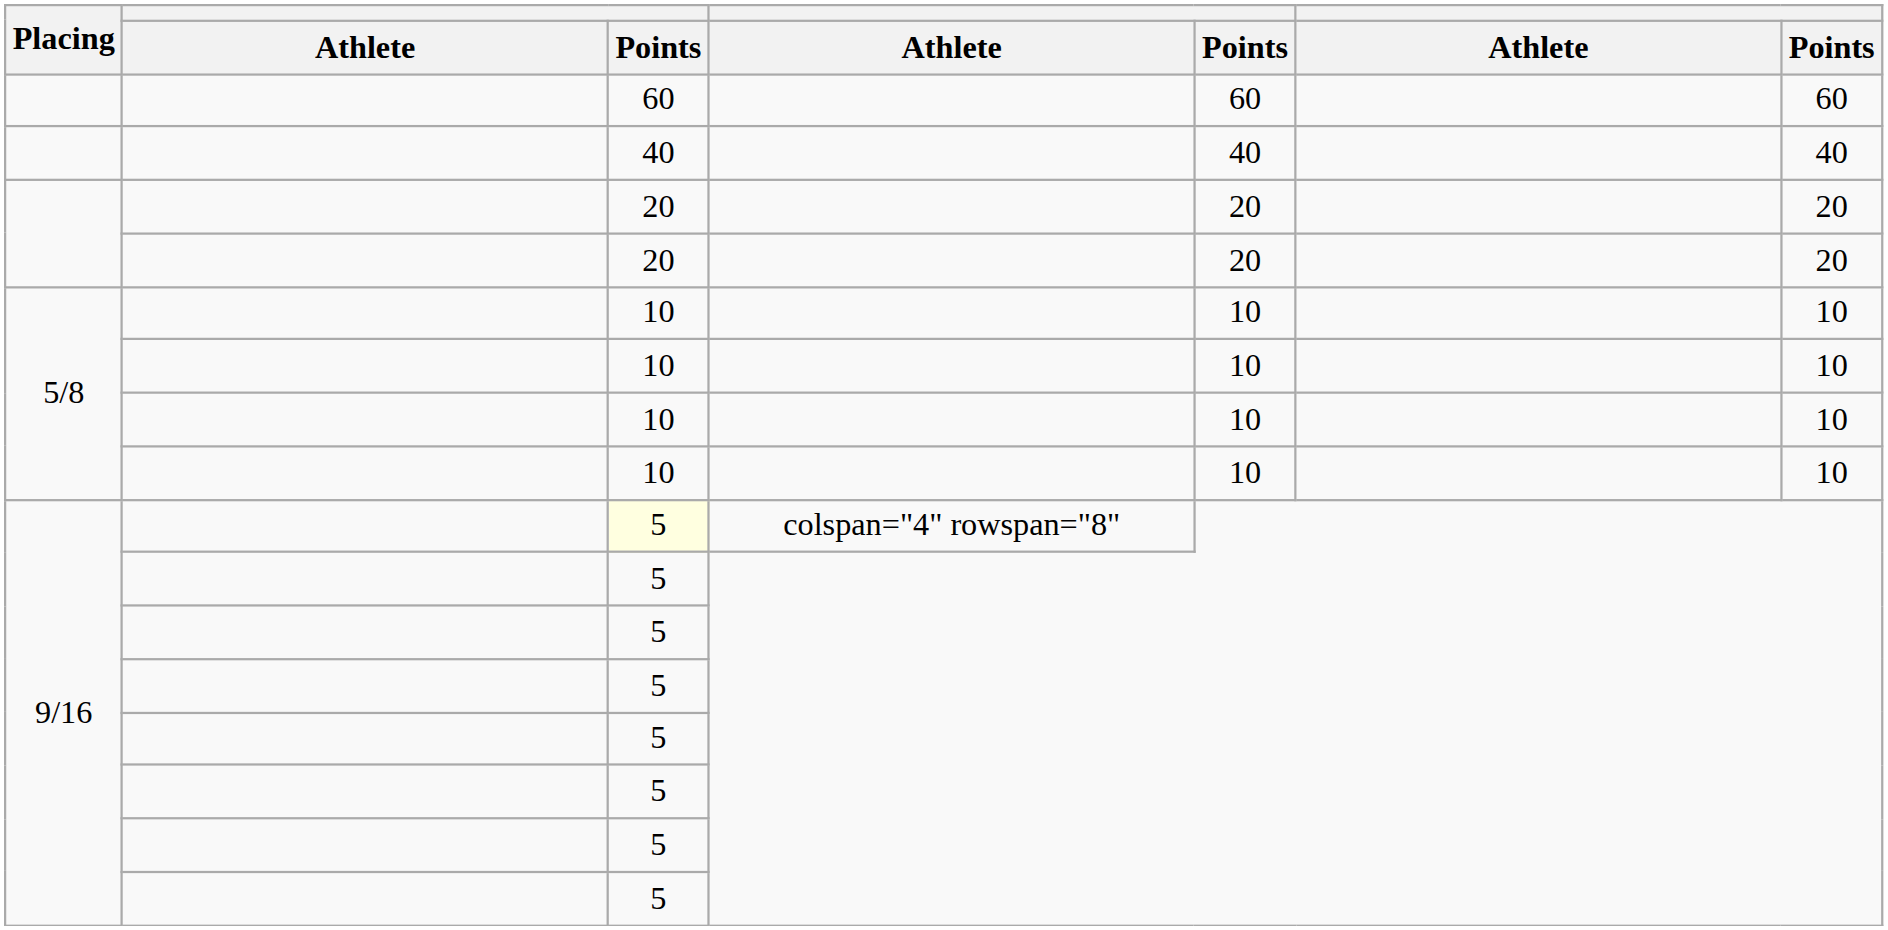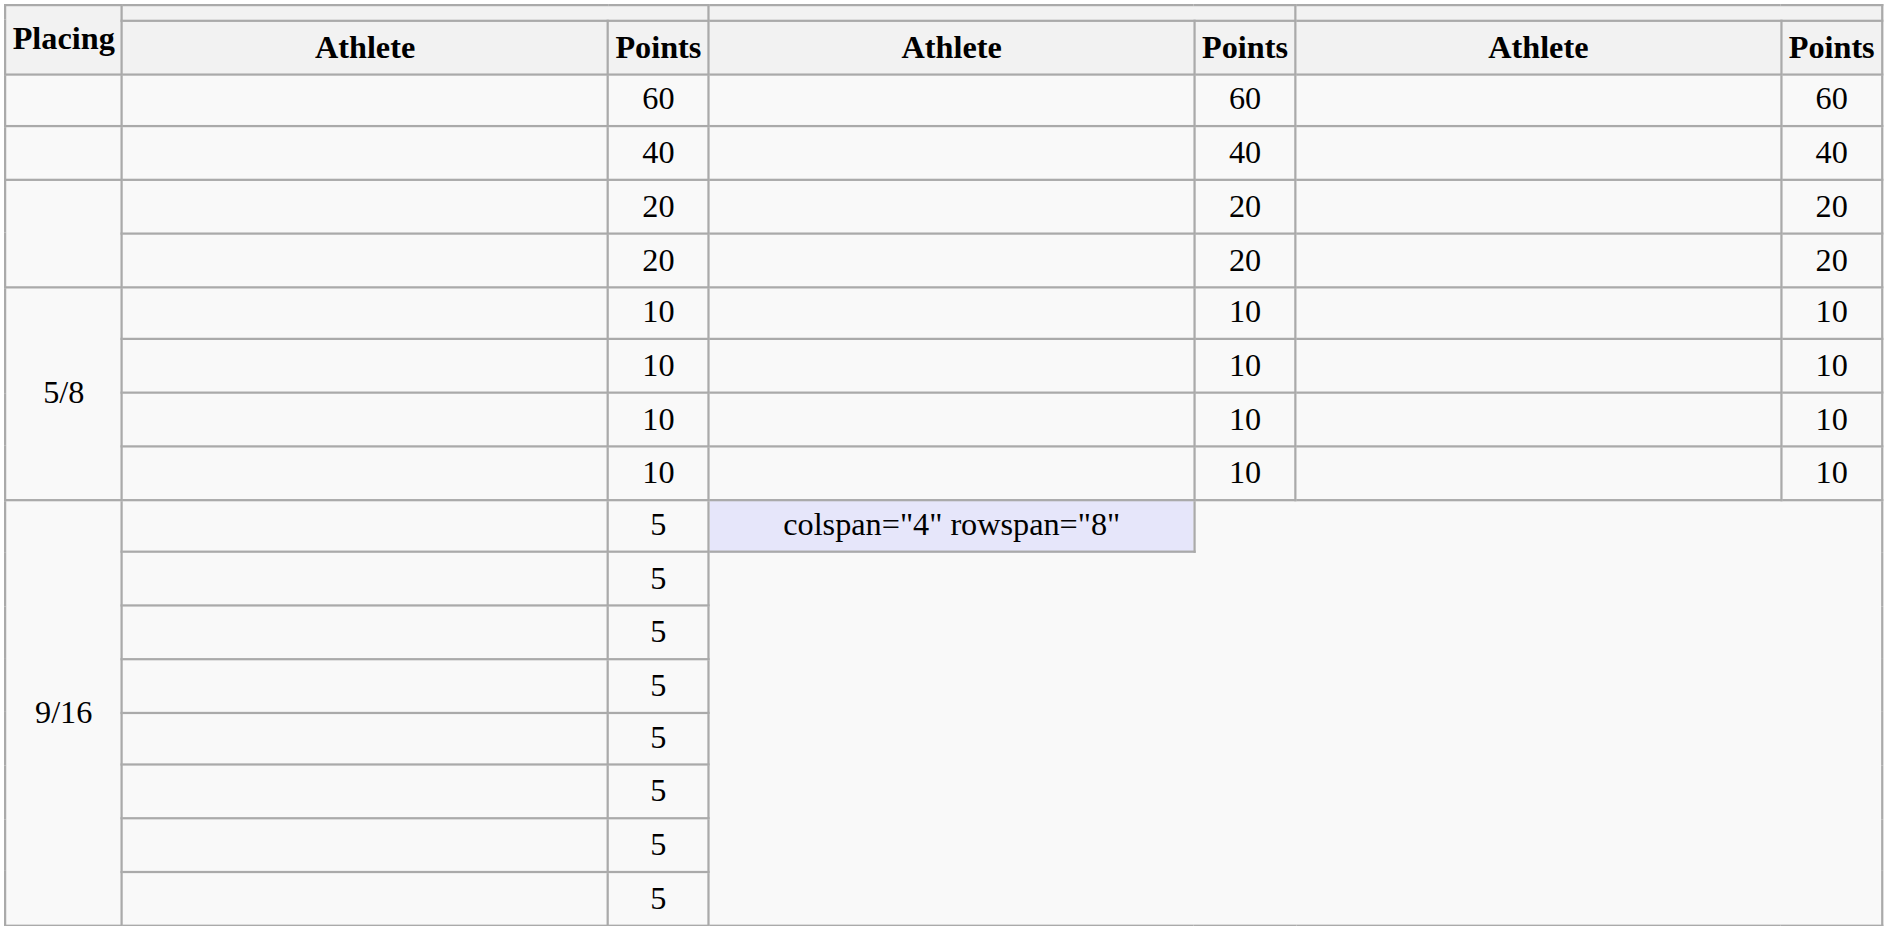 <table class="wikitable" style="font-size:90%; text-align:center">
 <tr>
 <th rowspan="2">Placing</th>
 <th colspan="2"></th>
 <th colspan="2"></th>
 <th colspan="2"></th>
 </tr>
 <tr>
 <th width="210">Athlete</th>
 <th>Points</th>
 <th width="210">Athlete</th>
 <th>Points</th>
 <th width="210">Athlete</th>
 <th>Points</th>
 </tr>
 <tr>
 <td></td>
 <td align="left"></td>
 <td>60</td>
 <td align="left"><br></td>
 <td>60</td>
 <td align="left"><br></td>
 <td>60</td>
 </tr>
 <tr>
 <td></td>
 <td align="left"></td>
 <td>40</td>
 <td align="left"><br></td>
 <td>40</td>
 <td align="left"><br></td>
 <td>40</td>
 </tr>
 <tr>
 <td rowspan="2"></td>
 <td align="left"></td>
 <td>20</td>
 <td align="left"><br></td>
 <td>20</td>
 <td align="left"><br></td>
 <td>20</td>
 </tr>
 <tr>
 <td align="left"></td>
 <td>20</td>
 <td align="left"><br></td>
 <td>20</td>
 <td align="left"><br></td>
 <td>20</td>
 </tr>
 <tr>
 <td rowspan="4">5/8</td>
 <td align="left"></td>
 <td>10</td>
 <td align="left"><br></td>
 <td>10</td>
 <td align="left"><br></td>
 <td>10</td>
 </tr>
 <tr>
 <td align="left"></td>
 <td>10</td>
 <td align="left"><br></td>
 <td>10</td>
 <td align="left"><br></td>
 <td>10</td>
 </tr>
 <tr>
 <td align="left"></td>
 <td>10</td>
 <td align="left"><br></td>
 <td>10</td>
 <td align="left"><br></td>
 <td>10</td>
 </tr>
 <tr>
 <td align="left"></td>
 <td>10</td>
 <td align="left"><br></td>
 <td>10</td>
 <td align="left"><br></td>
 <td>10</td>
 </tr>
 <tr>
 <td rowspan="8">9/16</td>
 <td align="left"></td>
-<td style="background: lightyellow;">5</td>
-<td>colspan="4" rowspan="8" </td>
+<td>5</td>
+<td style="background: lavender;">colspan="4" rowspan="8" </td>
 </tr>
 <tr>
 <td align="left"></td>
 <td>5</td>
 </tr>
 <tr>
 <td align="left"></td>
 <td>5</td>
 </tr>
 <tr>
 <td align="left"></td>
 <td>5</td>
 </tr>
 <tr>
 <td align="left"></td>
 <td>5</td>
 </tr>
 <tr>
 <td align="left"></td>
 <td>5</td>
 </tr>
 <tr>
 <td align="left"></td>
 <td>5</td>
 </tr>
 <tr>
 <td align="left"></td>
 <td>5</td>
 </tr>
 </table>
